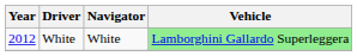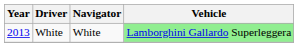 <table class="wikitable sortable" style="font-size: 90%;">
 <tr>
 <th>Year</th>
 <th>Driver</th>
 <th>Navigator</th>
 <th>Vehicle</th>
 </tr>
 <tr>
-<td><a href='#'>2012</a></td>
+<td><a href='#'>2013</a></td>
 <td> White</td>
 <td>White</td>
 <td style="background: lightgreen;"><a href='#'>Lamborghini Gallardo</a> Superleggera</td>
 </tr>
 <tr>
 </tr>
 </table>
